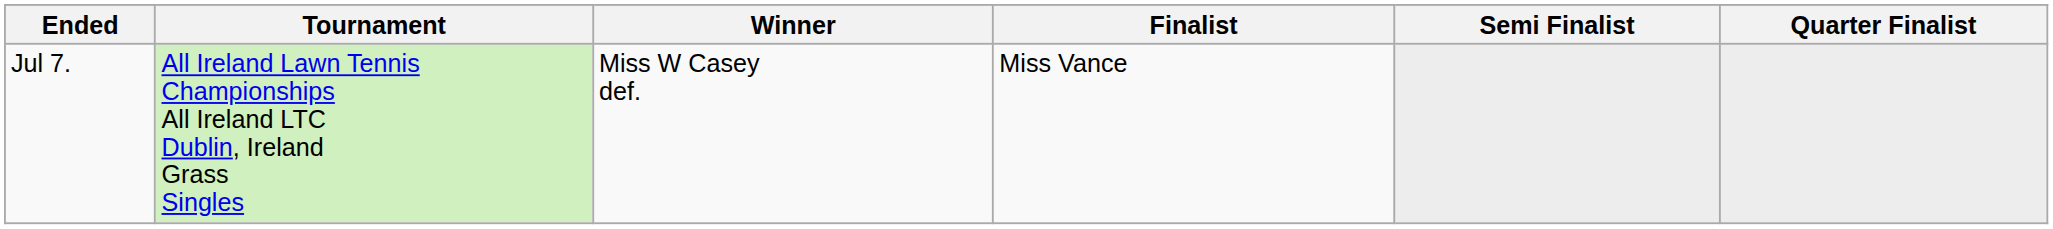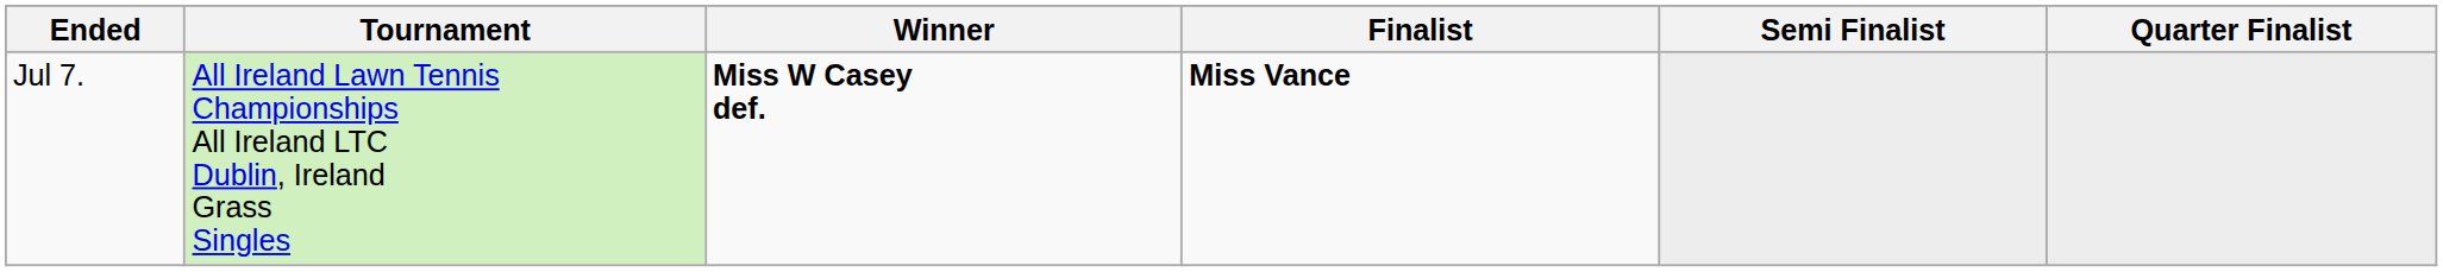 <table class="wikitable" style="font-size:85%;">
 <tr>
 <th width="75">Ended</th>
 <th width="230">Tournament</th>
 <th width="210">Winner</th>
 <th width="210">Finalist</th>
 <th width="170">Semi Finalist</th>
 <th width="170">Quarter Finalist</th>
 </tr>
 <tr valign=top>
 <td rowspan=2>Jul 7.</td>
 <td style="background:#d0f0c0" rowspan=2><a href='#'>All Ireland Lawn Tennis Championships</a><br>All Ireland LTC<br><a href='#'>Dublin</a>, Ireland<br>Grass<br><a href='#'>Singles</a></td>
-<td> Miss W Casey<br>def.</td>
-<td> Miss Vance</td>
+<td><strong> Miss W Casey<br>def.</strong></td>
+<td><strong> Miss Vance</strong></td>
 <td style="background:#ededed;" rowspan=2></td>
 <td style="background:#ededed;" rowspan=2></td>
 </tr>
 </table>
